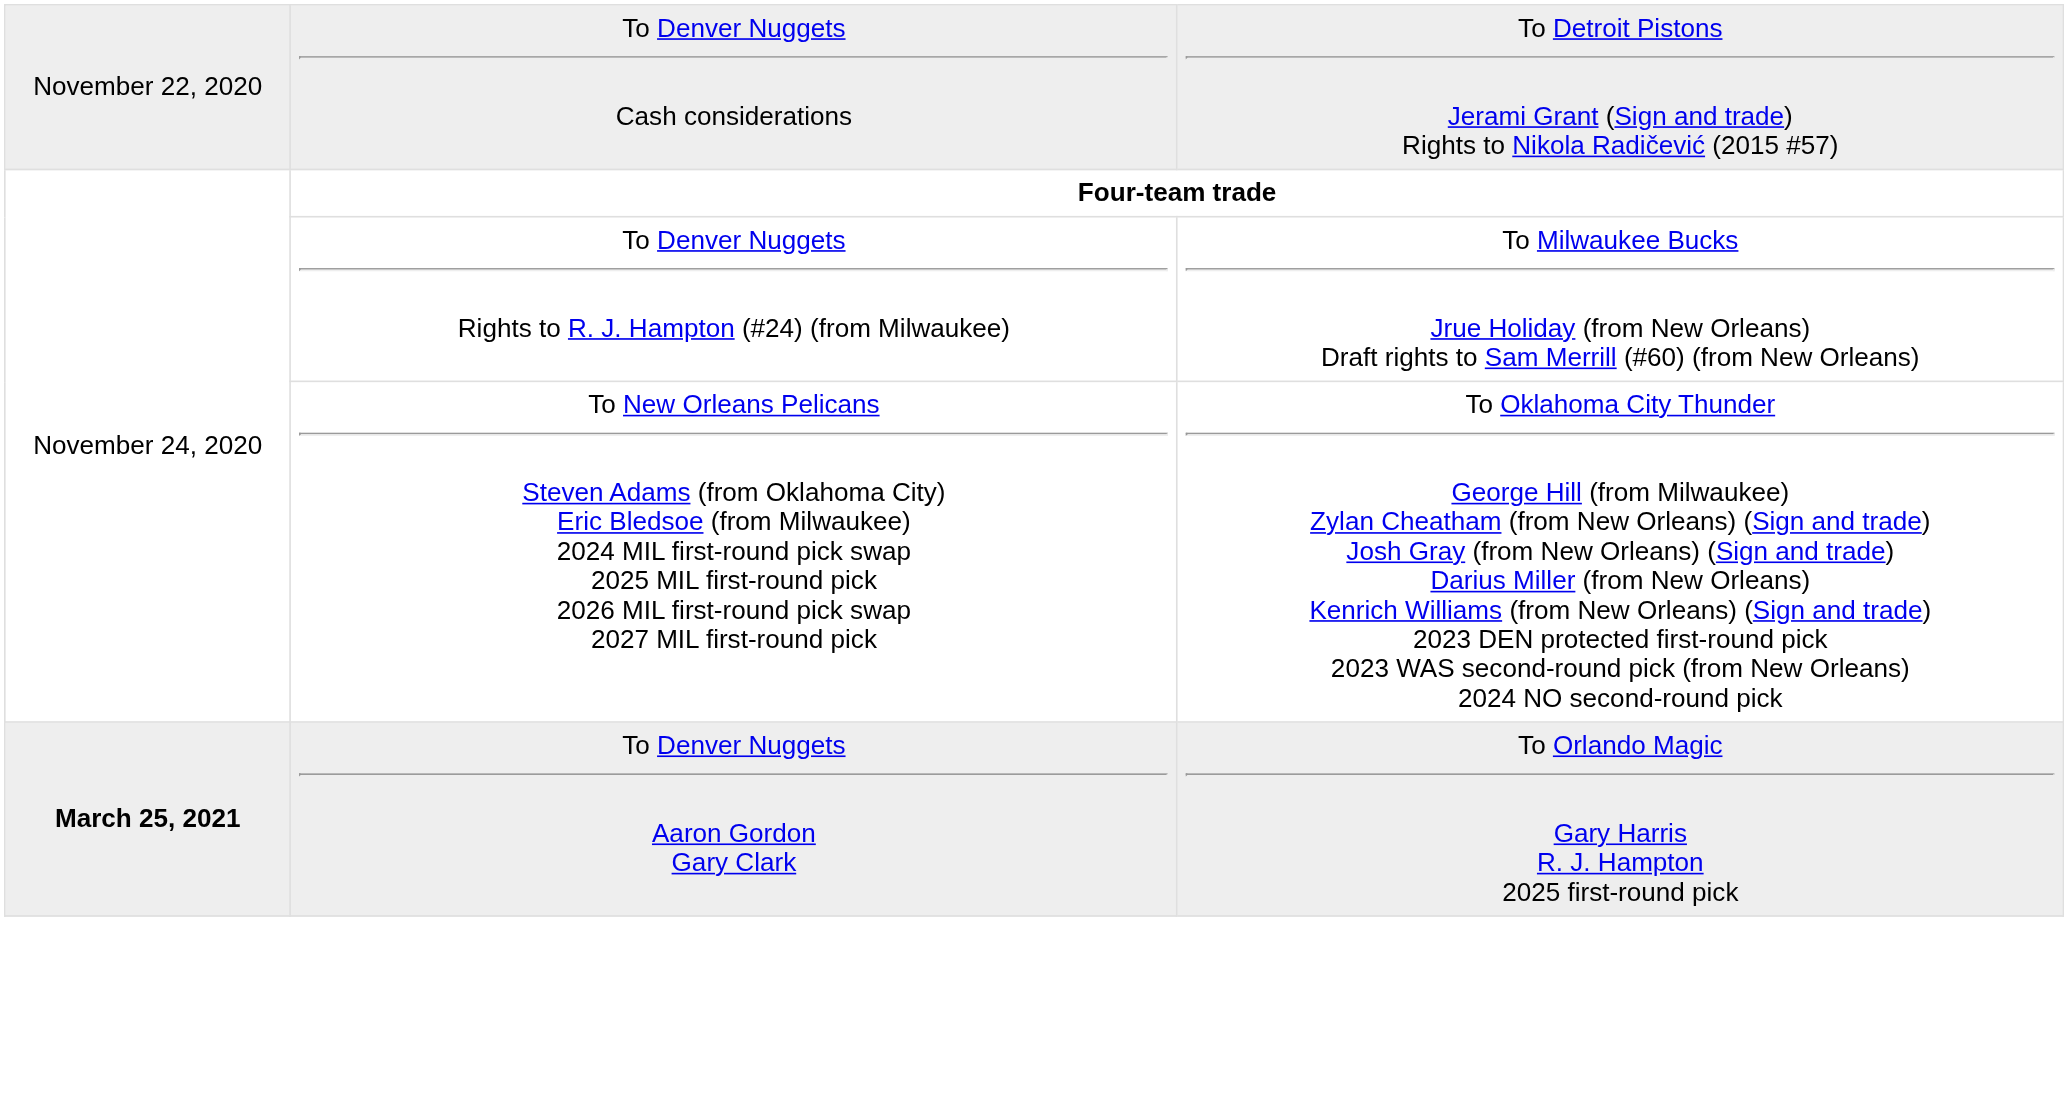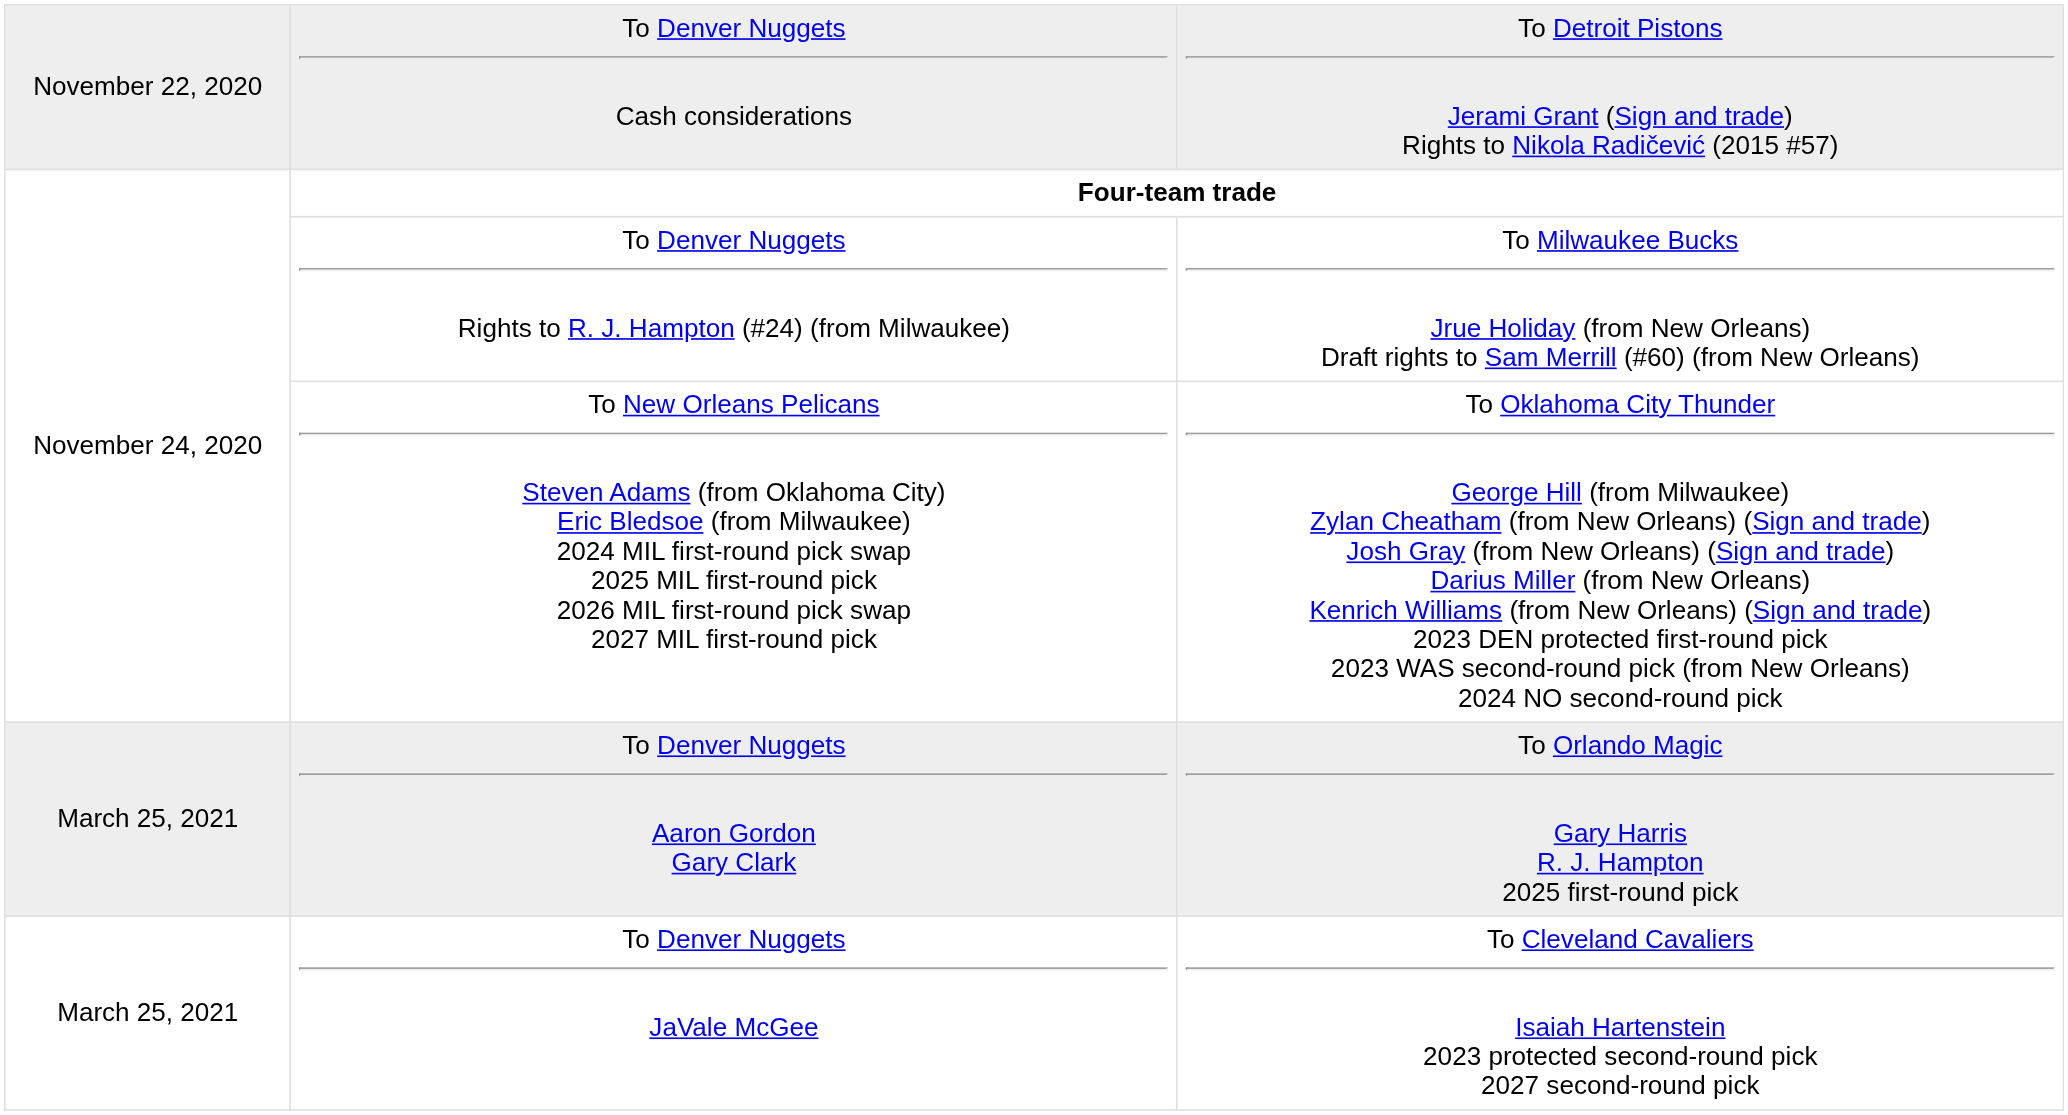 <table border=1 style="border-collapse:collapse; text-align: center; width: 100%" bordercolor="#DFDFDF"  cellpadding="5">
 <tr style="background:#eee;">
 <td style="width:10%">November 22, 2020</td>
 <td style="width:31%; vertical-align:top;">To <a href='#'>Denver Nuggets</a><hr><br>Cash considerations</td>
 <td style="width:31%; vertical-align:top;">To <a href='#'>Detroit Pistons</a><hr><br><a href='#'>Jerami Grant</a> (<a href='#'>Sign and trade</a>)<br> Rights to <a href='#'>Nikola Radičević</a> (2015 #57)</td>
 </tr>
 <tr>
 <td rowspan="3">November 24, 2020</td>
 <td colspan=2><strong>Four-team trade</strong></td>
 </tr>
 <tr>
 <td align=center valign=top>To <a href='#'>Denver Nuggets</a><hr><br>Rights to <a href='#'>R. J. Hampton</a> (#24) (from Milwaukee)</td>
 <td align=center valign=top>To <a href='#'>Milwaukee Bucks</a><hr><br><a href='#'>Jrue Holiday</a> (from New Orleans)<br> Draft rights to <a href='#'>Sam Merrill</a> (#60) (from New Orleans)</td>
 </tr>
 <tr>
 <td align=center valign=top>To <a href='#'>New Orleans Pelicans</a><hr><br><a href='#'>Steven Adams</a> (from Oklahoma City)<br> <a href='#'>Eric Bledsoe</a> (from Milwaukee)<br> 2024 MIL first-round pick swap<br> 2025 MIL first-round pick<br> 2026 MIL first-round pick swap<br> 2027 MIL first-round pick</td>
 <td align=center valign=top>To <a href='#'>Oklahoma City Thunder</a><hr><br><a href='#'>George Hill</a> (from Milwaukee)<br> <a href='#'>Zylan Cheatham</a> (from New Orleans) (<a href='#'>Sign and trade</a>)<br> <a href='#'>Josh Gray</a> (from New Orleans) (<a href='#'>Sign and trade</a>)<br> <a href='#'>Darius Miller</a> (from New Orleans)<br> <a href='#'>Kenrich Williams</a> (from New Orleans) (<a href='#'>Sign and trade</a>)<br> 2023 DEN protected first-round pick<br> 2023 WAS second-round pick (from New Orleans)<br> 2024 NO second-round pick</td>
 </tr>
 <tr style="background:#eee;">
-<td style="width:10%"><strong>March 25, 2021</strong></td>
+<td style="width:10%">March 25, 2021</td>
 <td style="width:31%; vertical-align:top;">To <a href='#'>Denver Nuggets</a><hr><br><a href='#'>Aaron Gordon</a><br> <a href='#'>Gary Clark</a></td>
 <td style="width:31%; vertical-align:top;">To <a href='#'>Orlando Magic</a><hr><br><a href='#'>Gary Harris</a><br> <a href='#'>R. J. Hampton</a><br> 2025 first-round pick</td>
 </tr>
+<tr>
+<td style="width:10%'">March 25, 2021</td>
+<td style="width:31%; vertical-align:top;">To <a href='#'>Denver Nuggets</a><hr><br><a href='#'>JaVale McGee</a></td>
+<td style="width:31%; vertical-align:top;">To <a href='#'>Cleveland Cavaliers</a><hr><br><a href='#'>Isaiah Hartenstein</a><br> 2023 protected second-round pick<br> 2027 second-round pick</td>
+</tr>
 </table>
